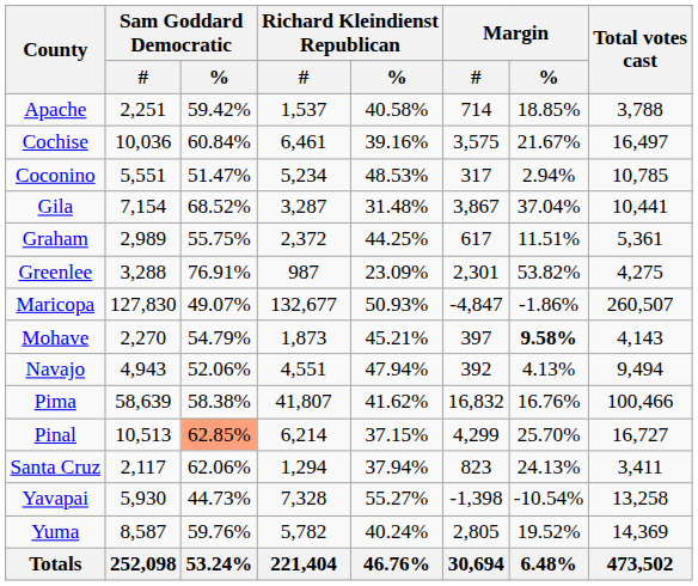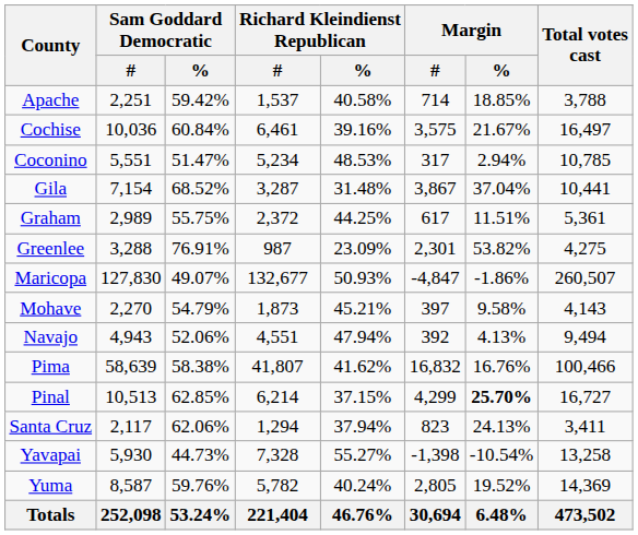 <table class="wikitable sortable" style="text-align:center">
 <tr>
 <th rowspan="2">County</th>
 <th style="text-align:center;" colspan="2">Sam Goddard<br>Democratic</th>
 <th style="text-align:center;" colspan="2">Richard Kleindienst<br>Republican</th>
 <th style="text-align:center;" colspan="2">Margin</th>
 <th style="text-align:center;" rowspan="2">Total votes<br>cast</th>
 </tr>
 <tr>
 <th style="text-align:center;" data-sort-type="number">#</th>
 <th style="text-align:center;" data-sort-type="number">%</th>
 <th style="text-align:center;" data-sort-type="number">#</th>
 <th style="text-align:center;" data-sort-type="number">%</th>
 <th style="text-align:center;" data-sort-type="number">#</th>
 <th style="text-align:center;" data-sort-type="number">%</th>
 </tr>
 <tr style="text-align:center;">
 <td><a href='#'>Apache</a></td>
 <td>2,251</td>
 <td>59.42%</td>
 <td>1,537</td>
 <td>40.58%</td>
 <td>714</td>
 <td>18.85%</td>
 <td>3,788</td>
 </tr>
 <tr style="text-align:center;">
 <td><a href='#'>Cochise</a></td>
 <td>10,036</td>
 <td>60.84%</td>
 <td>6,461</td>
 <td>39.16%</td>
 <td>3,575</td>
 <td>21.67%</td>
 <td>16,497</td>
 </tr>
 <tr style="text-align:center;">
 <td><a href='#'>Coconino</a></td>
 <td>5,551</td>
 <td>51.47%</td>
 <td>5,234</td>
 <td>48.53%</td>
 <td>317</td>
 <td>2.94%</td>
 <td>10,785</td>
 </tr>
 <tr style="text-align:center;">
 <td><a href='#'>Gila</a></td>
 <td>7,154</td>
 <td>68.52%</td>
 <td>3,287</td>
 <td>31.48%</td>
 <td>3,867</td>
 <td>37.04%</td>
 <td>10,441</td>
 </tr>
 <tr style="text-align:center;">
 <td><a href='#'>Graham</a></td>
 <td>2,989</td>
 <td>55.75%</td>
 <td>2,372</td>
 <td>44.25%</td>
 <td>617</td>
 <td>11.51%</td>
 <td>5,361</td>
 </tr>
 <tr style="text-align:center;">
 <td><a href='#'>Greenlee</a></td>
 <td>3,288</td>
 <td>76.91%</td>
 <td>987</td>
 <td>23.09%</td>
 <td>2,301</td>
 <td>53.82%</td>
 <td>4,275</td>
 </tr>
 <tr style="text-align:center;">
 <td><a href='#'>Maricopa</a></td>
 <td>127,830</td>
 <td>49.07%</td>
 <td>132,677</td>
 <td>50.93%</td>
 <td>-4,847</td>
 <td>-1.86%</td>
 <td>260,507</td>
 </tr>
 <tr style="text-align:center;">
 <td><a href='#'>Mohave</a></td>
 <td>2,270</td>
 <td>54.79%</td>
 <td>1,873</td>
 <td>45.21%</td>
 <td>397</td>
-<td><strong>9.58%</strong></td>
+<td>9.58%</td>
 <td>4,143</td>
 </tr>
 <tr style="text-align:center;">
 <td><a href='#'>Navajo</a></td>
 <td>4,943</td>
 <td>52.06%</td>
 <td>4,551</td>
 <td>47.94%</td>
 <td>392</td>
 <td>4.13%</td>
 <td>9,494</td>
 </tr>
 <tr style="text-align:center;">
 <td><a href='#'>Pima</a></td>
 <td>58,639</td>
 <td>58.38%</td>
 <td>41,807</td>
 <td>41.62%</td>
 <td>16,832</td>
 <td>16.76%</td>
 <td>100,466</td>
 </tr>
 <tr style="text-align:center;">
 <td><a href='#'>Pinal</a></td>
 <td>10,513</td>
-<td style="background: lightsalmon;">62.85%</td>
+<td>62.85%</td>
 <td>6,214</td>
 <td>37.15%</td>
 <td>4,299</td>
-<td>25.70%</td>
+<td><strong>25.70%</strong></td>
 <td>16,727</td>
 </tr>
 <tr style="text-align:center;">
 <td><a href='#'>Santa Cruz</a></td>
 <td>2,117</td>
 <td>62.06%</td>
 <td>1,294</td>
 <td>37.94%</td>
 <td>823</td>
 <td>24.13%</td>
 <td>3,411</td>
 </tr>
 <tr style="text-align:center;">
 <td><a href='#'>Yavapai</a></td>
 <td>5,930</td>
 <td>44.73%</td>
 <td>7,328</td>
 <td>55.27%</td>
 <td>-1,398</td>
 <td>-10.54%</td>
 <td>13,258</td>
 </tr>
 <tr style="text-align:center;">
 <td><a href='#'>Yuma</a></td>
 <td>8,587</td>
 <td>59.76%</td>
 <td>5,782</td>
 <td>40.24%</td>
 <td>2,805</td>
 <td>19.52%</td>
 <td>14,369</td>
 </tr>
 <tr style="text-align:center;">
 <th>Totals</th>
 <th>252,098</th>
 <th>53.24%</th>
 <th>221,404</th>
 <th>46.76%</th>
 <th>30,694</th>
 <th>6.48%</th>
 <th>473,502</th>
 </tr>
 </table>
